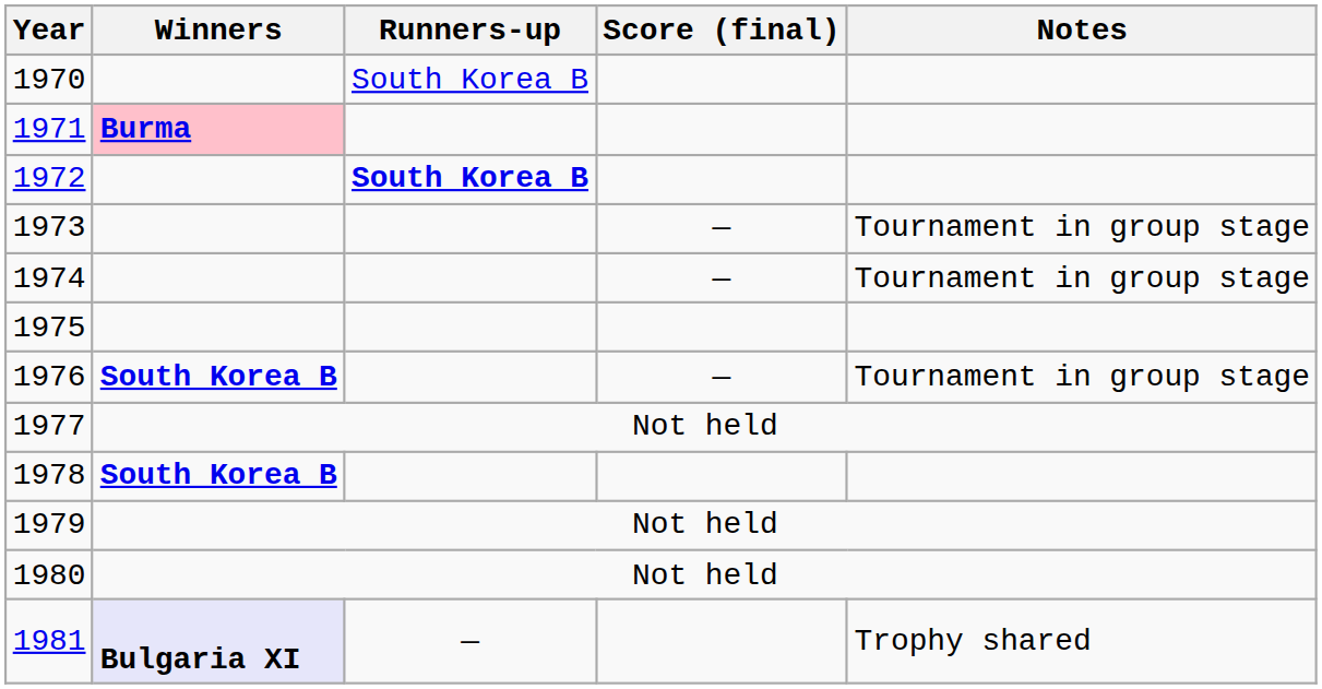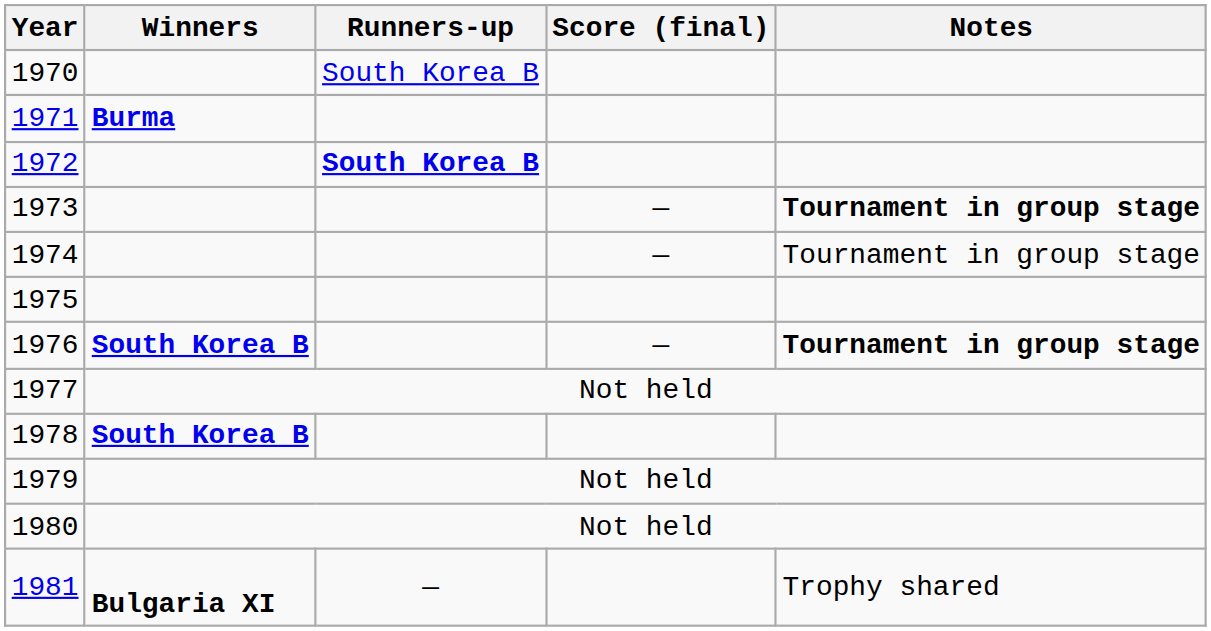 <table class=wikitable>
 <tr>
 <th>Year</th>
 <th>Winners</th>
 <th>Runners-up</th>
 <th>Score (final)</th>
 <th>Notes</th>
 </tr>
 <tr>
 <td>1970</td>
 <td><strong></strong></td>
 <td>  <a href='#'>South Korea B</a></td>
 <td></td>
 <td></td>
 </tr>
 <tr>
 <td><a href='#'>1971</a></td>
-<td style="background: pink;"><strong> <a href='#'>Burma</a></strong></td>
+<td><strong> <a href='#'>Burma</a></strong></td>
 <td></td>
 <td></td>
 <td></td>
 </tr>
 <tr>
 <td><a href='#'>1972</a></td>
 <td><strong></strong></td>
 <td><strong> <a href='#'>South Korea B</a></strong></td>
 <td></td>
 <td></td>
 </tr>
 <tr>
 <td>1973</td>
 <td><strong></strong></td>
 <td></td>
 <td align=center>—</td>
-<td>Tournament in group stage</td>
+<td><strong>Tournament in group stage</strong></td>
 </tr>
 <tr>
 <td>1974</td>
 <td><strong></strong></td>
 <td></td>
 <td align=center>—</td>
 <td>Tournament in group stage</td>
 </tr>
 <tr>
 <td>1975</td>
 <td><strong></strong></td>
 <td></td>
 <td></td>
 <td></td>
 </tr>
 <tr>
 <td>1976</td>
 <td><strong> <a href='#'>South Korea B</a></strong></td>
 <td></td>
 <td align=center>—</td>
-<td>Tournament in group stage</td>
+<td><strong>Tournament in group stage</strong></td>
 </tr>
 <tr>
 <td>1977</td>
 <td colspan="4" align="center">Not held</td>
 </tr>
 <tr>
 <td>1978</td>
 <td><strong> <a href='#'>South Korea B</a></strong></td>
 <td></td>
 <td></td>
 <td></td>
 </tr>
 <tr>
 <td>1979</td>
 <td colspan="4" align="center">Not held</td>
 </tr>
 <tr>
 <td>1980</td>
 <td colspan="4" align="center">Not held</td>
 </tr>
 <tr>
 <td><a href='#'>1981</a></td>
-<td style="background: lavender;"><strong></strong> <br>  <strong>Bulgaria XI</strong></td>
+<td><strong></strong> <br>  <strong>Bulgaria XI</strong></td>
 <td align=center>—</td>
 <td></td>
 <td>Trophy shared</td>
 </tr>
 </table>
